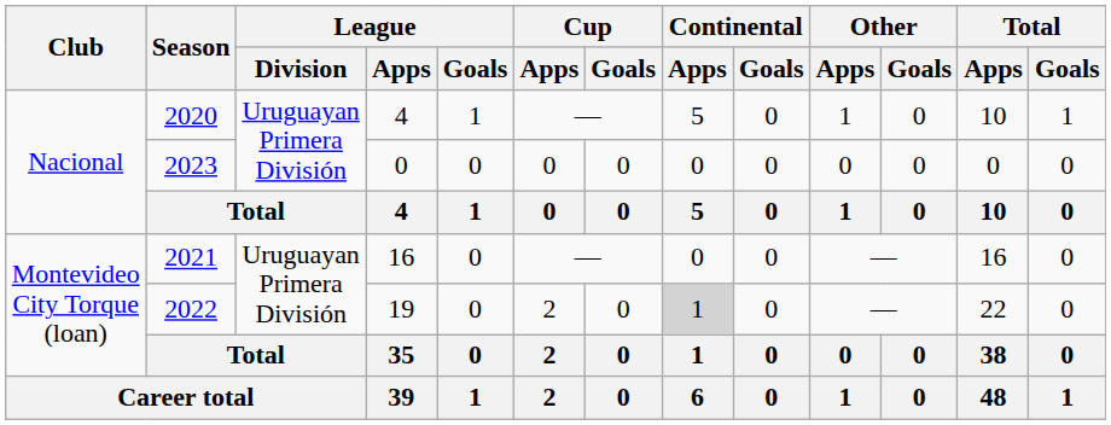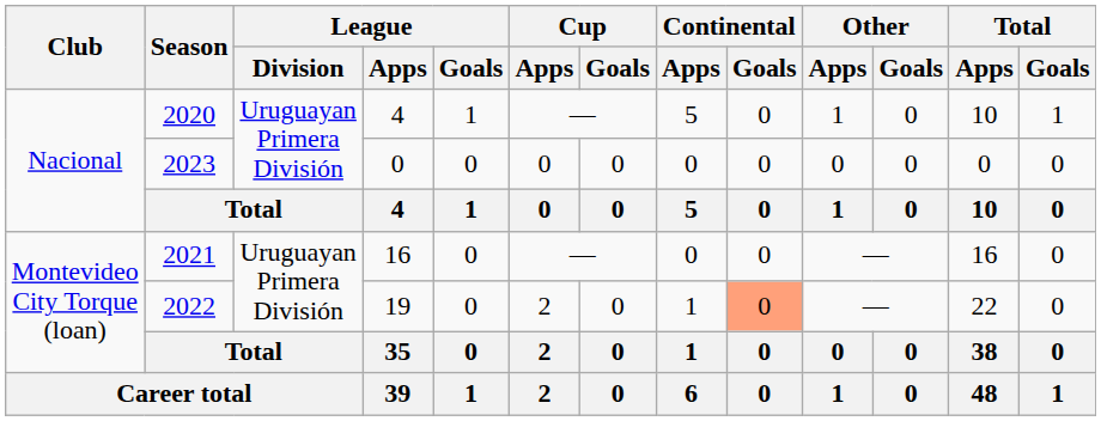 <table class="wikitable" Style="text-align: center">
 <tr>
 <th rowspan="2">Club</th>
 <th rowspan="2">Season</th>
 <th colspan="3">League</th>
 <th colspan="2">Cup</th>
 <th colspan="2">Continental</th>
 <th colspan="2">Other</th>
 <th colspan="2">Total</th>
 </tr>
 <tr>
 <th>Division</th>
 <th>Apps</th>
 <th>Goals</th>
 <th>Apps</th>
 <th>Goals</th>
 <th>Apps</th>
 <th>Goals</th>
 <th>Apps</th>
 <th>Goals</th>
 <th>Apps</th>
 <th>Goals</th>
 </tr>
 <tr>
 <td rowspan="3"><a href='#'>Nacional</a></td>
 <td><a href='#'>2020</a></td>
 <td rowspan="2"><a href='#'>Uruguayan Primera División</a></td>
 <td>4</td>
 <td>1</td>
 <td colspan="2">—</td>
 <td>5</td>
 <td>0</td>
 <td>1</td>
 <td>0</td>
 <td>10</td>
 <td>1</td>
 </tr>
 <tr>
 <td><a href='#'>2023</a></td>
 <td>0</td>
 <td>0</td>
 <td>0</td>
 <td>0</td>
 <td>0</td>
 <td>0</td>
 <td>0</td>
 <td>0</td>
 <td>0</td>
 <td>0</td>
 </tr>
 <tr>
 <th colspan="2">Total</th>
 <th>4</th>
 <th>1</th>
 <th>0</th>
 <th>0</th>
 <th>5</th>
 <th>0</th>
 <th>1</th>
 <th>0</th>
 <th>10</th>
 <th>0</th>
 </tr>
 <tr>
 <td rowspan="3"><a href='#'>Montevideo City Torque</a> (loan)</td>
 <td><a href='#'>2021</a></td>
 <td rowspan="2">Uruguayan Primera División</td>
 <td>16</td>
 <td>0</td>
 <td colspan="2">—</td>
 <td>0</td>
 <td>0</td>
 <td colspan="2">—</td>
 <td>16</td>
 <td>0</td>
 </tr>
 <tr>
 <td><a href='#'>2022</a></td>
 <td>19</td>
 <td>0</td>
 <td>2</td>
 <td>0</td>
-<td style="background: lightgrey;">1</td>
-<td>0</td>
+<td>1</td>
+<td style="background: lightsalmon;">0</td>
 <td colspan="2">—</td>
 <td>22</td>
 <td>0</td>
 </tr>
 <tr>
 <th colspan="2">Total</th>
 <th>35</th>
 <th>0</th>
 <th>2</th>
 <th>0</th>
 <th>1</th>
 <th>0</th>
 <th>0</th>
 <th>0</th>
 <th>38</th>
 <th>0</th>
 </tr>
 <tr>
 <th colspan="3">Career total</th>
 <th>39</th>
 <th>1</th>
 <th>2</th>
 <th>0</th>
 <th>6</th>
 <th>0</th>
 <th>1</th>
 <th>0</th>
 <th>48</th>
 <th>1</th>
 </tr>
 </table>
